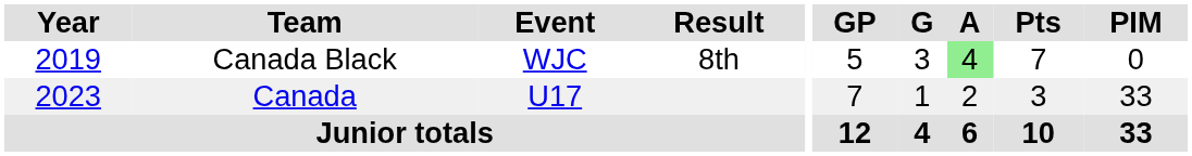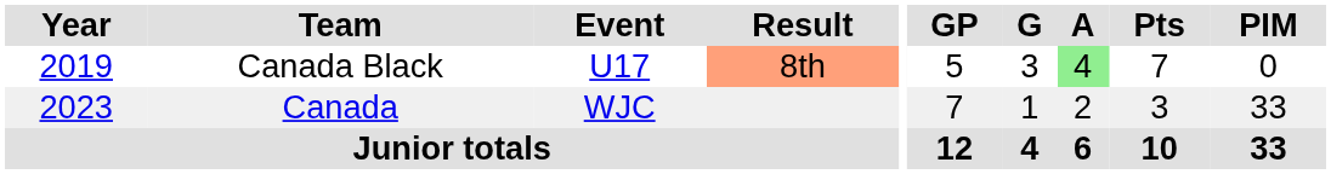 <table border="0" cellpadding="1" cellspacing="0" ID="Table3" style="text-align:center; width:40em;">
 <tr bgcolor="#e0e0e0">
 <th>Year</th>
 <th>Team</th>
 <th>Event</th>
 <th>Result</th>
 <th rowspan="99" bgcolor="#ffffff"></th>
 <th>GP</th>
 <th>G</th>
 <th>A</th>
 <th>Pts</th>
 <th>PIM</th>
 </tr>
 <tr>
 <td><a href='#'>2019</a></td>
 <td>Canada Black</td>
-<td><a href='#'>WJC</a></td>
-<td>8th</td>
+<td><a href='#'>U17</a></td>
+<td style="background: lightsalmon;">8th</td>
 <td>5</td>
 <td>3</td>
 <td style="background: lightgreen;">4</td>
 <td>7</td>
 <td>0</td>
 </tr>
 <tr bgcolor="#f0f0f0">
 <td><a href='#'>2023</a></td>
 <td><a href='#'>Canada</a></td>
-<td><a href='#'>U17</a></td>
+<td><a href='#'>WJC</a></td>
 <td></td>
 <td>7</td>
 <td>1</td>
 <td>2</td>
 <td>3</td>
 <td>33</td>
 </tr>
 <tr bgcolor="#e0e0e0">
 <th colspan="4">Junior totals</th>
 <th>12</th>
 <th>4</th>
 <th>6</th>
 <th>10</th>
 <th>33</th>
 </tr>
 </table>
